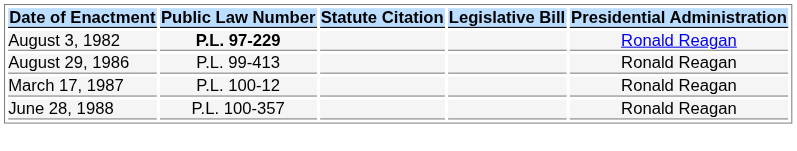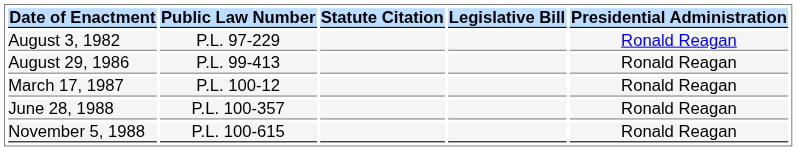 <table style="border:1px solid gray; align:left; width:60%" cellspacing=3 cellpadding=0>
 <tr style="font-weight:bold; text-align:center; background:#bbddff; color:black;">
 <th style=" border-bottom:1.5px solid black">Date of Enactment</th>
 <th style=" border-bottom:1.5px solid black">Public Law Number</th>
 <th style=" border-bottom:1.5px solid black">Statute Citation</th>
 <th style=" border-bottom:1.5px solid black">Legislative Bill</th>
 <th style=" border-bottom:1.5px solid black">Presidential Administration</th>
 </tr>
 <tr>
 <td style="border-bottom:1px solid gray; background:#F5F5F5;">August 3, 1982</td>
-<td style="border-bottom:1px solid gray; background:#F5F5F5; text-align:center;"><strong>P.L. 97-229</strong></td>
+<td style="border-bottom:1px solid gray; background:#F5F5F5; text-align:center;">P.L. 97-229</td>
 <td style="border-bottom:1px solid gray; background:#F5F5F5; text-align:center;"></td>
 <td style="border-bottom:1px solid gray; background:#F5F5F5; text-align:center;"></td>
 <td style="border-bottom:1px solid gray; background:#F5F5F5; text-align:center;"><a href='#'>Ronald Reagan</a></td>
 </tr>
 <tr>
 <td style="border-bottom:1px solid gray; background:#F5F5F5;">August 29, 1986</td>
 <td style="border-bottom:1px solid gray; background:#F5F5F5; text-align:center;">P.L. 99-413</td>
 <td style="border-bottom:1px solid gray; background:#F5F5F5; text-align:center;"></td>
 <td style="border-bottom:1px solid gray; background:#F5F5F5; text-align:center;"></td>
 <td style="border-bottom:1px solid gray; background:#F5F5F5; text-align:center;">Ronald Reagan</td>
 </tr>
 <tr>
 <td style="border-bottom:1px solid gray; background:#F5F5F5;">March 17, 1987</td>
 <td style="border-bottom:1px solid gray; background:#F5F5F5; text-align:center;">P.L. 100-12</td>
 <td style="border-bottom:1px solid gray; background:#F5F5F5; text-align:center;"></td>
 <td style="border-bottom:1px solid gray; background:#F5F5F5; text-align:center;"></td>
 <td style="border-bottom:1px solid gray; background:#F5F5F5; text-align:center;">Ronald Reagan</td>
 </tr>
 <tr>
 <td style="border-bottom:1px solid gray; background:#F5F5F5;">June 28, 1988</td>
 <td style="border-bottom:1px solid gray; background:#F5F5F5; text-align:center;">P.L. 100-357</td>
 <td style="border-bottom:1px solid gray; background:#F5F5F5; text-align:center;"></td>
 <td style="border-bottom:1px solid gray; background:#F5F5F5; text-align:center;"></td>
 <td style="border-bottom:1px solid gray; background:#F5F5F5; text-align:center;">Ronald Reagan</td>
 </tr>
+<tr>
+<td style="border-bottom:1.5px solid black; background:#F5F5F5;">November 5, 1988</td>
+<td style="border-bottom:1.5px solid black; background:#F5F5F5; text-align:center;">P.L. 100-615</td>
+<td style="border-bottom:1.5px solid black; background:#F5F5F5; text-align:center;"></td>
+<td style="border-bottom:1.5px solid black; background:#F5F5F5; text-align:center;"></td>
+<td style="border-bottom:1.5px solid black; background:#F5F5F5; text-align:center;">Ronald Reagan</td>
+</tr>
 </table>
